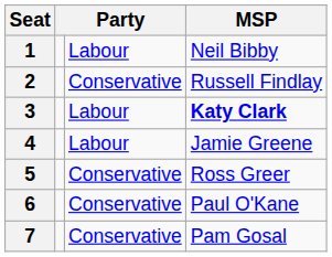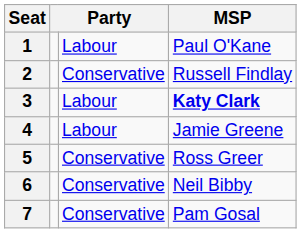 <table class="wikitable sortable">
 <tr>
 <th>Seat</th>
 <th colspan=2>Party</th>
 <th>MSP</th>
 </tr>
 <tr>
 <th>1</th>
 <td style="color:inherit;background:"></td>
 <td><a href='#'>Labour</a></td>
-<td><a href='#'>Neil Bibby</a></td>
+<td><a href='#'>Paul O'Kane</a></td>
 </tr>
 <tr>
 <th>2</th>
 <td style="color:inherit;background:"></td>
 <td><a href='#'>Conservative</a></td>
 <td><a href='#'>Russell Findlay</a></td>
 </tr>
 <tr>
 <th>3</th>
 <td style="color:inherit;background:"></td>
 <td><a href='#'>Labour</a></td>
 <td><strong><a href='#'>Katy Clark</a></strong></td>
 </tr>
 <tr>
 <th>4</th>
 <td style="color:inherit;background:"></td>
 <td><a href='#'>Labour</a></td>
 <td><a href='#'>Jamie Greene</a></td>
 </tr>
 <tr>
 <th>5</th>
 <td style="color:inherit;background:"></td>
 <td><a href='#'>Conservative</a></td>
 <td><a href='#'>Ross Greer</a></td>
 </tr>
 <tr>
 <th>6</th>
 <td style="color:inherit;background:"></td>
 <td><a href='#'>Conservative</a></td>
-<td><a href='#'>Paul O'Kane</a></td>
+<td><a href='#'>Neil Bibby</a></td>
 </tr>
 <tr>
 <th>7</th>
 <td style="color:inherit;background:"></td>
 <td><a href='#'>Conservative</a></td>
 <td><a href='#'>Pam Gosal</a></td>
 </tr>
 </table>
